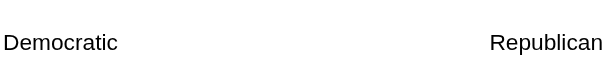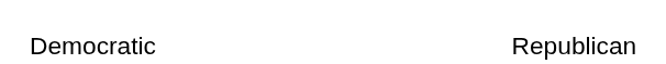 <table style="width:70%; text-align:center">
 <tr style="color:white">
 <td style="background:"><strong>334</strong></td>
-<td style="background:"><strong>13</strong></td>
 <td style="background:"><strong>88</strong></td>
 </tr>
 <tr>
 <td>Democratic</td>
-<td></td>
 <td>Republican</td>
 </tr>
 </table>
